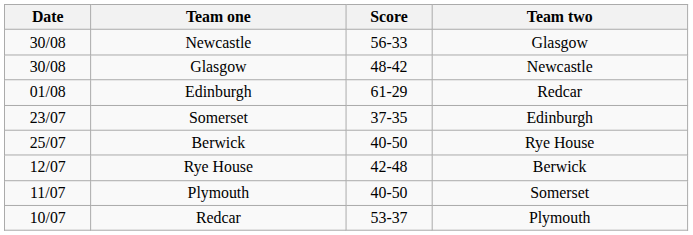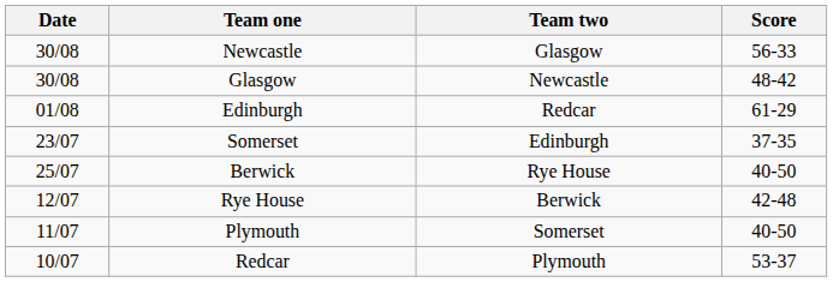 <table class="wikitable" style="text-align: center">
 <tr>
 <th width=80>Date</th>
 <th width=250>Team one</th>
+<th width=250>Team two</th>
 <th width=80>Score</th>
-<th width=250>Team two</th>
 </tr>
 <tr>
 <td>30/08</td>
 <td>Newcastle</td>
+<td>Glasgow</td>
 <td>56-33</td>
-<td>Glasgow</td>
 </tr>
 <tr>
 <td>30/08</td>
 <td>Glasgow</td>
+<td>Newcastle</td>
 <td>48-42</td>
-<td>Newcastle</td>
 </tr>
 <tr>
 <td>01/08</td>
 <td>Edinburgh</td>
+<td>Redcar</td>
 <td>61-29</td>
-<td>Redcar</td>
 </tr>
 <tr>
 <td>23/07</td>
 <td>Somerset</td>
+<td>Edinburgh</td>
 <td>37-35</td>
-<td>Edinburgh</td>
 </tr>
 <tr>
 <td>25/07</td>
 <td>Berwick</td>
+<td>Rye House</td>
 <td>40-50</td>
-<td>Rye House</td>
 </tr>
 <tr>
 <td>12/07</td>
 <td>Rye House</td>
+<td>Berwick</td>
 <td>42-48</td>
-<td>Berwick</td>
 </tr>
 <tr>
 <td>11/07</td>
 <td>Plymouth</td>
+<td>Somerset</td>
 <td>40-50</td>
-<td>Somerset</td>
 </tr>
 <tr>
 <td>10/07</td>
 <td>Redcar</td>
+<td>Plymouth</td>
 <td>53-37</td>
-<td>Plymouth</td>
 </tr>
 </table>
